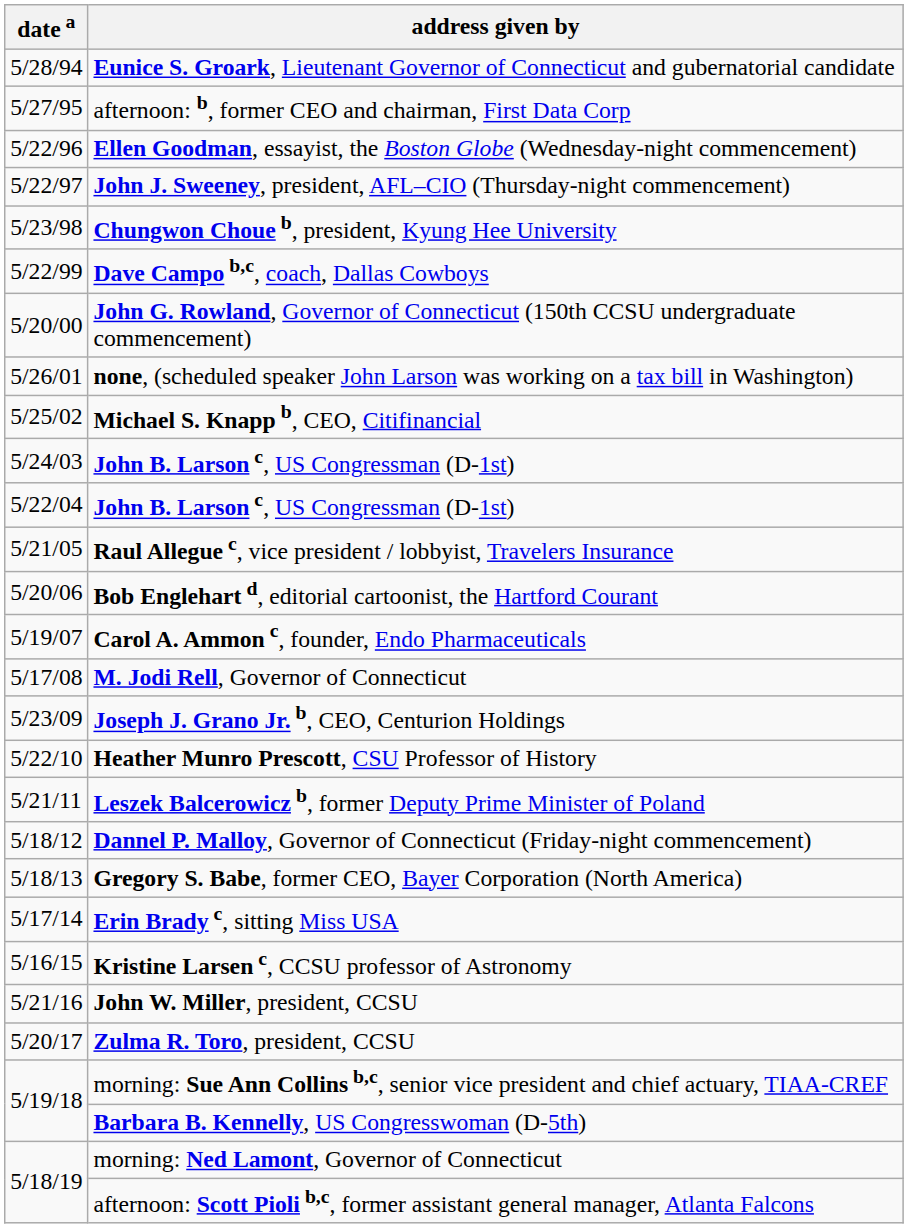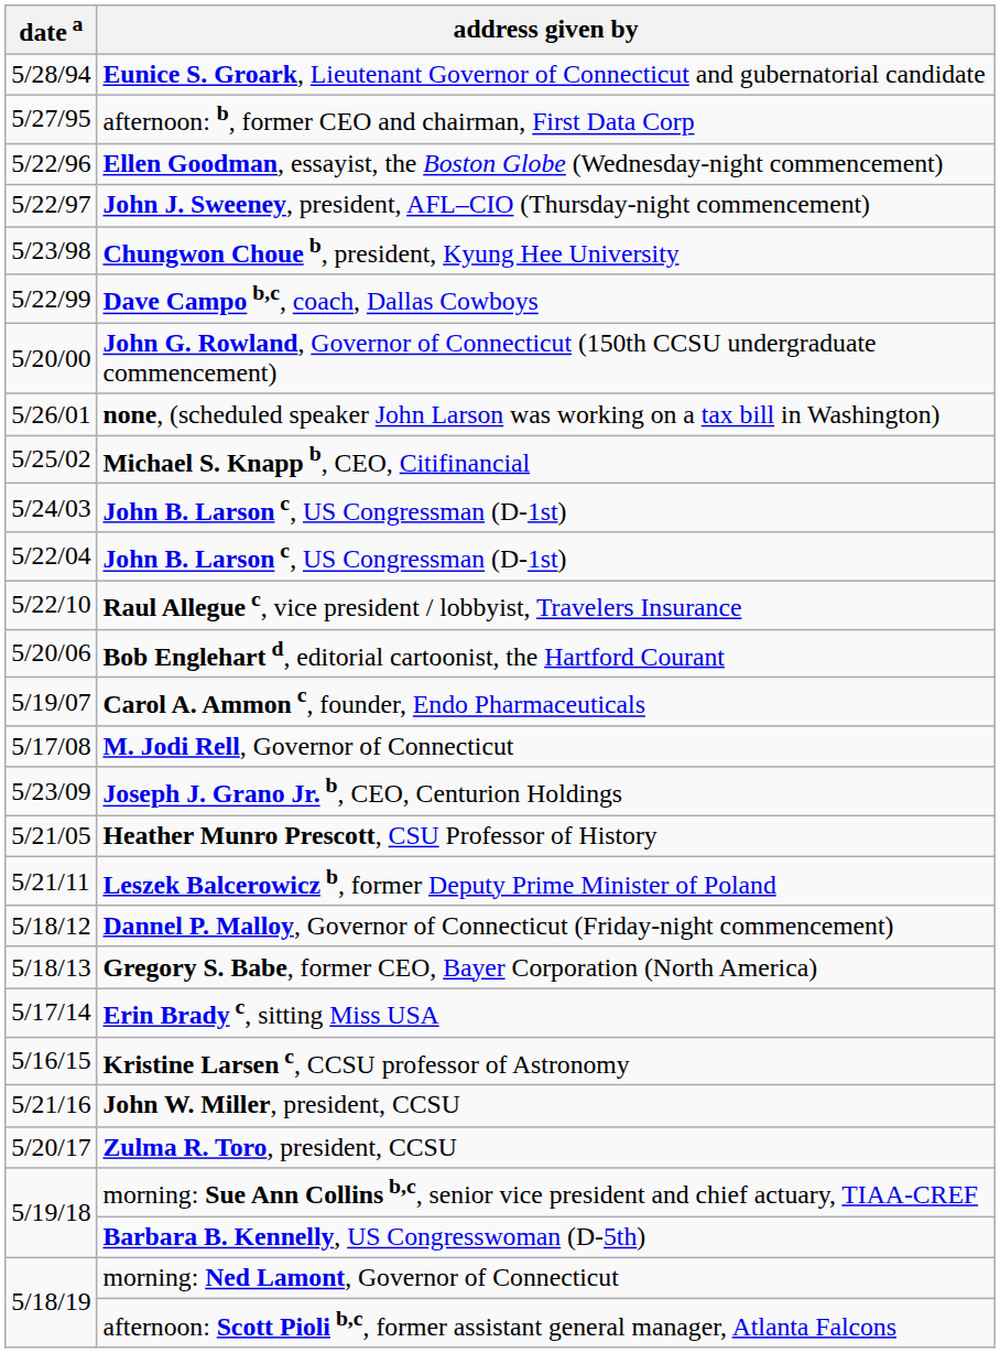 <table class="wikitable" border="1">
 <tr>
 <th>date<sup> a</sup></th>
 <th>address given by</th>
 </tr>
 <tr>
 <td>5/28/94</td>
 <td><strong><a href='#'>Eunice S. Groark</a></strong>, <a href='#'>Lieutenant Governor of Connecticut</a> and gubernatorial candidate</td>
 </tr>
 <tr>
 <td>5/27/95</td>
 <td>afternoon: <strong></strong><sup> <strong>b</strong></sup>, former CEO and chairman, <a href='#'>First Data Corp</a></td>
 </tr>
 <tr>
 <td>5/22/96</td>
 <td><strong><a href='#'>Ellen Goodman</a></strong>, essayist, the <em><a href='#'>Boston Globe</a></em> (Wednesday-night commencement)</td>
 </tr>
 <tr>
 <td>5/22/97</td>
 <td><strong><a href='#'>John J. Sweeney</a></strong>, president, <a href='#'>AFL–CIO</a> (Thursday-night commencement)</td>
 </tr>
 <tr>
 <td>5/23/98</td>
 <td><strong><a href='#'>Chungwon Choue</a></strong><sup> <strong>b</strong></sup>, president, <a href='#'>Kyung Hee University</a></td>
 </tr>
 <tr>
 <td>5/22/99</td>
 <td><strong><a href='#'>Dave Campo</a></strong><sup> <strong>b,c</strong></sup>, <a href='#'>coach</a>, <a href='#'>Dallas Cowboys</a></td>
 </tr>
 <tr>
 <td>5/20/00</td>
 <td><strong><a href='#'>John G. Rowland</a></strong>, <a href='#'>Governor of Connecticut</a> (150th CCSU undergraduate commencement)</td>
 </tr>
 <tr>
 <td>5/26/01</td>
 <td><strong>none</strong>, (scheduled speaker <a href='#'>John Larson</a> was working on a <a href='#'>tax bill</a> in Washington)</td>
 </tr>
 <tr>
 <td>5/25/02</td>
 <td><strong>Michael S. Knapp</strong><sup> <strong>b</strong></sup>, CEO, <a href='#'>Citifinancial</a></td>
 </tr>
 <tr>
 <td>5/24/03</td>
 <td><strong><a href='#'>John B. Larson</a></strong><sup> <strong>c</strong></sup>, <a href='#'>US Congressman</a> (D-<a href='#'>1st</a>)</td>
 </tr>
 <tr>
 <td>5/22/04</td>
 <td><strong><a href='#'>John B. Larson</a></strong><sup> <strong>c</strong></sup>, <a href='#'>US Congressman</a> (D-<a href='#'>1st</a>)</td>
 </tr>
 <tr>
-<td>5/21/05</td>
+<td>5/22/10</td>
 <td><strong>Raul Allegue</strong><sup> <strong>c</strong></sup>, vice president / lobbyist, <a href='#'>Travelers Insurance</a></td>
 </tr>
 <tr>
 <td>5/20/06</td>
 <td><strong>Bob Englehart</strong><sup> <strong>d</strong></sup>, editorial cartoonist, the <a href='#'>Hartford Courant</a></td>
 </tr>
 <tr>
 <td>5/19/07</td>
 <td><strong>Carol A. Ammon</strong><sup> <strong>c</strong></sup>, founder, <a href='#'>Endo Pharmaceuticals</a></td>
 </tr>
 <tr>
 <td>5/17/08</td>
 <td><strong><a href='#'>M. Jodi Rell</a></strong>, Governor of Connecticut</td>
 </tr>
 <tr>
 <td>5/23/09</td>
 <td><strong><a href='#'>Joseph J. Grano Jr.</a></strong><sup> <strong>b</strong></sup>, CEO, Centurion Holdings</td>
 </tr>
 <tr>
-<td>5/22/10</td>
+<td>5/21/05</td>
 <td><strong>Heather Munro Prescott</strong>, <a href='#'>CSU</a> Professor of History</td>
 </tr>
 <tr>
 <td>5/21/11</td>
 <td><strong><a href='#'>Leszek Balcerowicz</a></strong><sup> <strong>b</strong></sup>, former <a href='#'>Deputy Prime Minister of Poland</a></td>
 </tr>
 <tr>
 <td>5/18/12</td>
 <td><strong><a href='#'>Dannel P. Malloy</a></strong>, Governor of Connecticut (Friday-night commencement)</td>
 </tr>
 <tr>
 <td>5/18/13</td>
 <td><strong>Gregory S. Babe</strong>, former CEO, <a href='#'>Bayer</a> Corporation (North America)</td>
 </tr>
 <tr>
 <td>5/17/14</td>
 <td><strong><a href='#'>Erin Brady</a></strong><sup> <strong>c</strong></sup>, sitting <a href='#'>Miss USA</a></td>
 </tr>
 <tr>
 <td>5/16/15</td>
 <td><strong>Kristine Larsen</strong><sup> <strong>c</strong></sup>, CCSU professor of Astronomy</td>
 </tr>
 <tr>
 <td>5/21/16</td>
 <td><strong>John W. Miller</strong>, president, CCSU</td>
 </tr>
 <tr>
 <td>5/20/17</td>
 <td><strong><a href='#'>Zulma R. Toro</a></strong>, president, CCSU</td>
 </tr>
 <tr>
 <td style= valign="middle" rowspan=2>5/19/18</td>
 <td>morning: <strong>Sue Ann Collins</strong><sup> <strong>b,c</strong></sup>, senior vice president and chief actuary, <a href='#'>TIAA-CREF</a></td>
 </tr>
 <tr>
 <td><strong><a href='#'>Barbara B. Kennelly</a></strong>, <a href='#'>US Congresswoman</a> (D-<a href='#'>5th</a>)</td>
 </tr>
 <tr>
 <td style= valign="middle" rowspan=2>5/18/19</td>
 <td>morning: <strong><a href='#'>Ned Lamont</a></strong>, Governor of Connecticut</td>
 </tr>
 <tr>
 <td>afternoon: <strong><a href='#'>Scott Pioli</a></strong><sup> <strong>b,c</strong></sup>, former assistant general manager, <a href='#'>Atlanta Falcons</a></td>
 </tr>
 </table>
